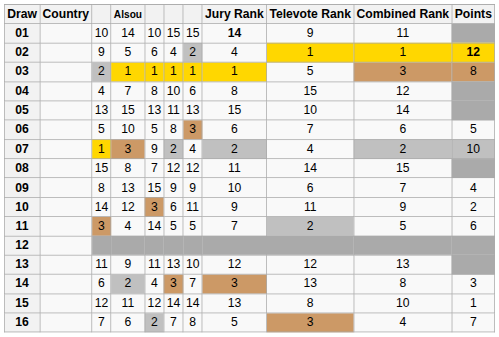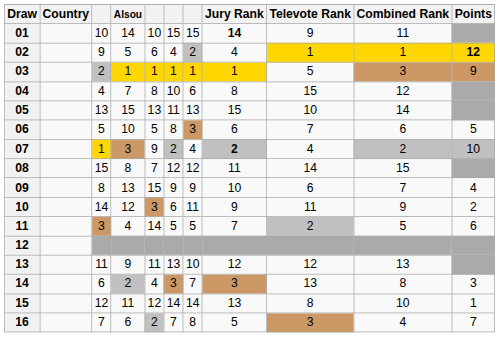 <table class="sortable wikitable collapsible plainrowheaders" style="text-align:center;">
 <tr>
 </tr>
 <tr>
 <th scope="col">Draw</th>
 <th scope="col">Country</th>
 <th scope="col"><small></small></th>
 <th scope="col"><small>Alsou</small></th>
 <th scope="col"><small></small></th>
 <th scope="col"><small></small></th>
 <th scope="col"><small></small></th>
 <th scope="col">Jury Rank</th>
 <th scope="col">Televote Rank</th>
 <th scope="col">Combined Rank</th>
 <th scope="col">Points</th>
 </tr>
 <tr>
 <th scope="row" style="text-align:center;">01</th>
 <td style="text-align:left;"></td>
 <td>10</td>
 <td>14</td>
 <td>10</td>
 <td>15</td>
 <td>15</td>
 <td><strong>14</strong></td>
 <td>9</td>
 <td>11</td>
 <td style="background:#AAAAAA;"></td>
 </tr>
 <tr>
 <th scope="row" style="text-align:center;">02</th>
 <td style="text-align:left;"></td>
 <td>9</td>
 <td>5</td>
 <td>6</td>
 <td>4</td>
 <td style="background:silver;">2</td>
 <td>4</td>
 <td style="background:gold;">1</td>
 <td style="background:gold;">1</td>
 <td style="background:gold;"><strong>12</strong></td>
 </tr>
 <tr>
 <th scope="row" style="text-align:center;">03</th>
 <td style="text-align:left;"></td>
 <td style="background:silver;">2</td>
 <td style="background:gold;">1</td>
 <td style="background:gold;">1</td>
 <td style="background:gold;">1</td>
 <td style="background:gold;">1</td>
 <td style="background:gold;">1</td>
 <td>5</td>
 <td style="background:#CC9966;">3</td>
-<td style="background:#CC9966;">8</td>
+<td style="background:#CC9966;">9</td>
 </tr>
 <tr>
 <th scope="row" style="text-align:center;">04</th>
 <td style="text-align:left;"></td>
 <td>4</td>
 <td>7</td>
 <td>8</td>
 <td>10</td>
 <td>6</td>
 <td>8</td>
 <td>15</td>
 <td>12</td>
 <td style="background:#AAAAAA;"></td>
 </tr>
 <tr>
 <th scope="row" style="text-align:center;">05</th>
 <td style="text-align:left;"></td>
 <td>13</td>
 <td>15</td>
 <td>13</td>
 <td>11</td>
 <td>13</td>
 <td>15</td>
 <td>10</td>
 <td>14</td>
 <td style="background:#AAAAAA;"></td>
 </tr>
 <tr>
 <th scope="row" style="text-align:center;">06</th>
 <td style="text-align:left;"></td>
 <td>5</td>
 <td>10</td>
 <td>5</td>
 <td>8</td>
 <td style="background:#CC9966;">3</td>
 <td>6</td>
 <td>7</td>
 <td>6</td>
 <td>5</td>
 </tr>
 <tr>
 <th scope="row" style="text-align:center;">07</th>
 <td style="text-align:left;"></td>
 <td style="background:gold;">1</td>
 <td style="background:#CC9966;">3</td>
 <td>9</td>
 <td style="background:silver;">2</td>
 <td>4</td>
-<td style="background:silver;">2</td>
+<td style="background:silver;"><strong>2</strong></td>
 <td>4</td>
 <td style="background:silver;">2</td>
 <td style="background:silver;">10</td>
 </tr>
 <tr>
 <th scope="row" style="text-align:center;">08</th>
 <td style="text-align:left;"></td>
 <td>15</td>
 <td>8</td>
 <td>7</td>
 <td>12</td>
 <td>12</td>
 <td>11</td>
 <td>14</td>
 <td>15</td>
 <td style="background:#AAAAAA;"></td>
 </tr>
 <tr>
 <th scope="row" style="text-align:center;">09</th>
 <td style="text-align:left;"></td>
 <td>8</td>
 <td>13</td>
 <td>15</td>
 <td>9</td>
 <td>9</td>
 <td>10</td>
 <td>6</td>
 <td>7</td>
 <td>4</td>
 </tr>
 <tr>
 <th scope="row" style="text-align:center;">10</th>
 <td style="text-align:left;"></td>
 <td>14</td>
 <td>12</td>
 <td style="background:#CC9966;">3</td>
 <td>6</td>
 <td>11</td>
 <td>9</td>
 <td>11</td>
 <td>9</td>
 <td>2</td>
 </tr>
 <tr>
 <th scope="row" style="text-align:center;">11</th>
 <td style="text-align:left;"></td>
 <td style="background:#CC9966;">3</td>
 <td>4</td>
 <td>14</td>
 <td>5</td>
 <td>5</td>
 <td>7</td>
 <td style="background:silver;">2</td>
 <td>5</td>
 <td>6</td>
 </tr>
 <tr class="sortbottom">
 <th scope="row" style="text-align:center;">12</th>
 <td style="text-align:left;"></td>
 <td style="background:#AAAAAA;"></td>
 <td style="background:#AAAAAA;"></td>
 <td style="background:#AAAAAA;"></td>
 <td style="background:#AAAAAA;"></td>
 <td style="background:#AAAAAA;"></td>
 <td style="background:#AAAAAA;"></td>
 <td style="background:#AAAAAA;"></td>
 <td style="background:#AAAAAA;"></td>
 <td style="background:#AAAAAA;"></td>
 </tr>
 <tr>
 <th scope="row" style="text-align:center;">13</th>
 <td style="text-align:left;"></td>
 <td>11</td>
 <td>9</td>
 <td>11</td>
 <td>13</td>
 <td>10</td>
 <td>12</td>
 <td>12</td>
 <td>13</td>
 <td style="background:#AAAAAA;"></td>
 </tr>
 <tr>
 <th scope="row" style="text-align:center;">14</th>
 <td style="text-align:left;"></td>
 <td>6</td>
 <td style="background:silver;">2</td>
 <td>4</td>
 <td style="background:#CC9966;">3</td>
 <td>7</td>
 <td style="background:#CC9966;">3</td>
 <td>13</td>
 <td>8</td>
 <td>3</td>
 </tr>
 <tr>
 <th scope="row" style="text-align:center;">15</th>
 <td style="text-align:left;"></td>
 <td>12</td>
 <td>11</td>
 <td>12</td>
 <td>14</td>
 <td>14</td>
 <td>13</td>
 <td>8</td>
 <td>10</td>
 <td>1</td>
 </tr>
 <tr>
 <th scope="row" style="text-align:center;">16</th>
 <td style="text-align:left;"></td>
 <td>7</td>
 <td>6</td>
 <td style="background:silver;">2</td>
 <td>7</td>
 <td>8</td>
 <td>5</td>
 <td style="background:#CC9966;">3</td>
 <td>4</td>
 <td>7</td>
 </tr>
 </table>
